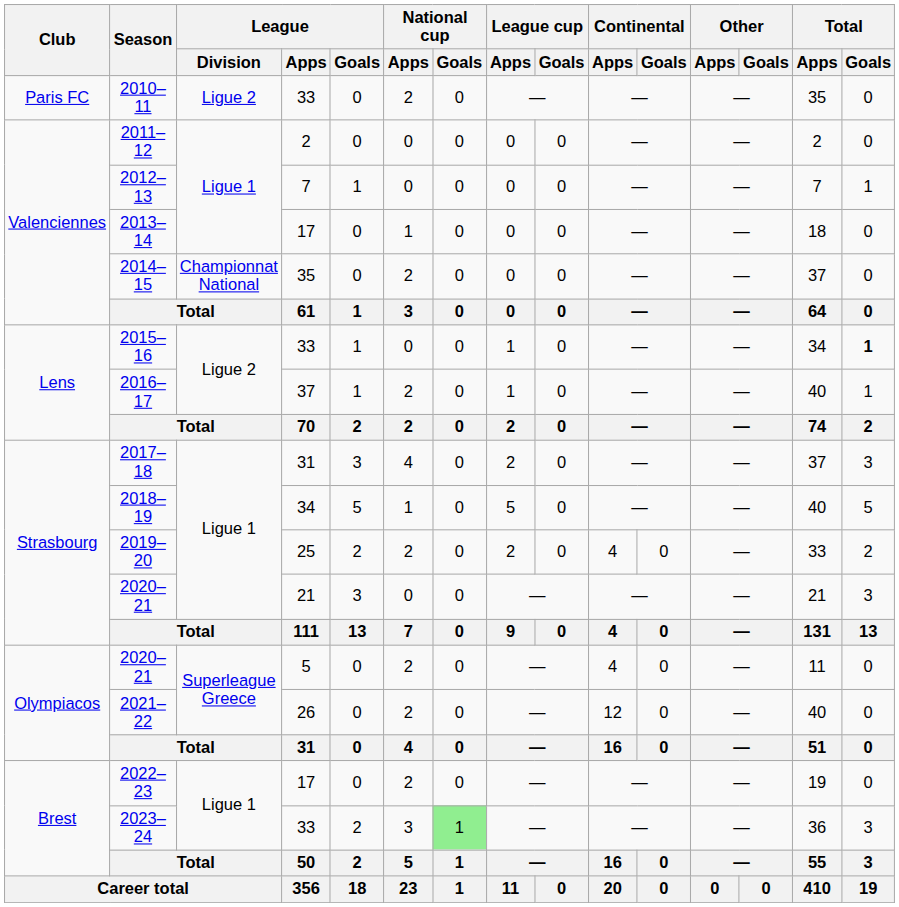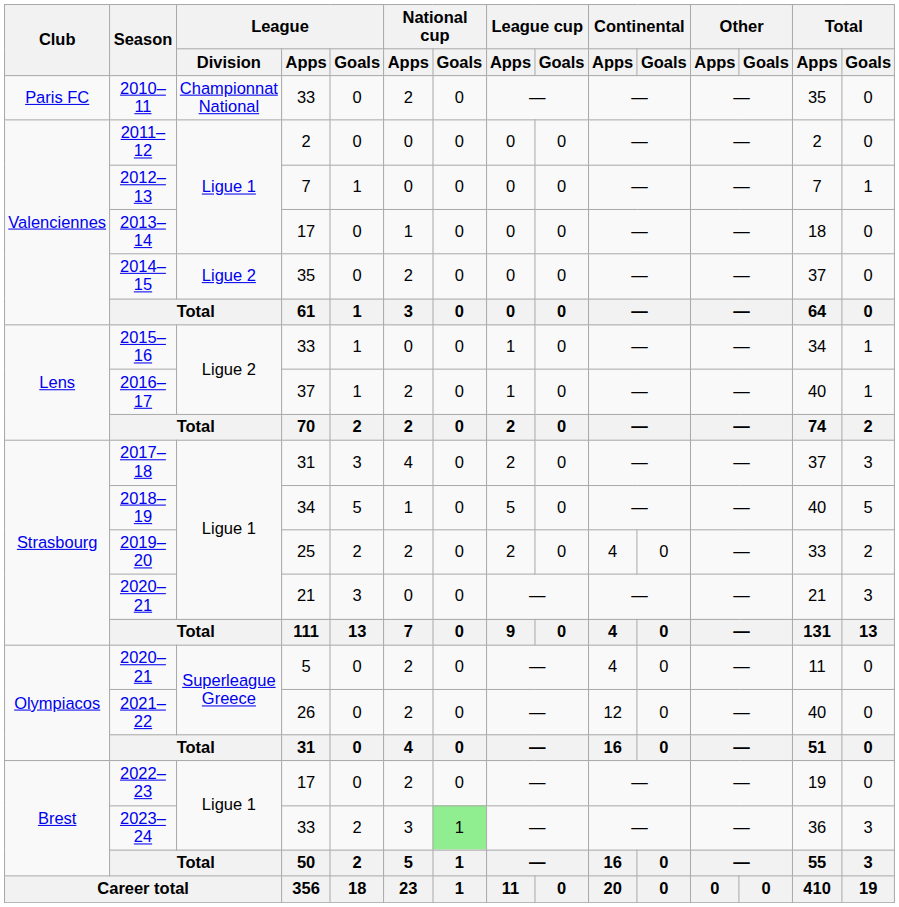 <table class="wikitable" style="text-align:center">
 <tr>
 <th rowspan="2">Club</th>
 <th rowspan="2">Season</th>
 <th colspan="3">League</th>
 <th colspan="2">National cup</th>
 <th colspan="2">League cup</th>
 <th colspan="2">Continental</th>
 <th colspan="2">Other</th>
 <th colspan="2">Total</th>
 </tr>
 <tr>
 <th>Division</th>
 <th>Apps</th>
 <th>Goals</th>
 <th>Apps</th>
 <th>Goals</th>
 <th>Apps</th>
 <th>Goals</th>
 <th>Apps</th>
 <th>Goals</th>
 <th>Apps</th>
 <th>Goals</th>
 <th>Apps</th>
 <th>Goals</th>
 </tr>
 <tr>
 <td><a href='#'>Paris FC</a></td>
 <td><a href='#'>2010–11</a></td>
-<td><a href='#'>Ligue 2</a></td>
+<td><a href='#'>Championnat National</a></td>
 <td>33</td>
 <td>0</td>
 <td>2</td>
 <td>0</td>
 <td colspan="2">—</td>
 <td colspan="2">—</td>
 <td colspan="2">—</td>
 <td>35</td>
 <td>0</td>
 </tr>
 <tr>
 <td rowspan="5"><a href='#'>Valenciennes</a></td>
 <td><a href='#'>2011–12</a></td>
 <td rowspan="3"><a href='#'>Ligue 1</a></td>
 <td>2</td>
 <td>0</td>
 <td>0</td>
 <td>0</td>
 <td>0</td>
 <td>0</td>
 <td colspan="2">—</td>
 <td colspan="2">—</td>
 <td>2</td>
 <td>0</td>
 </tr>
 <tr>
 <td><a href='#'>2012–13</a></td>
 <td>7</td>
 <td>1</td>
 <td>0</td>
 <td>0</td>
 <td>0</td>
 <td>0</td>
 <td colspan="2">—</td>
 <td colspan="2">—</td>
 <td>7</td>
 <td>1</td>
 </tr>
 <tr>
 <td><a href='#'>2013–14</a></td>
 <td>17</td>
 <td>0</td>
 <td>1</td>
 <td>0</td>
 <td>0</td>
 <td>0</td>
 <td colspan="2">—</td>
 <td colspan="2">—</td>
 <td>18</td>
 <td>0</td>
 </tr>
 <tr>
 <td><a href='#'>2014–15</a></td>
-<td><a href='#'>Championnat National</a></td>
+<td><a href='#'>Ligue 2</a></td>
 <td>35</td>
 <td>0</td>
 <td>2</td>
 <td>0</td>
 <td>0</td>
 <td>0</td>
 <td colspan="2">—</td>
 <td colspan="2">—</td>
 <td>37</td>
 <td>0</td>
 </tr>
 <tr>
 <th colspan="2">Total</th>
 <th>61</th>
 <th>1</th>
 <th>3</th>
 <th>0</th>
 <th>0</th>
 <th>0</th>
 <th colspan="2">—</th>
 <th colspan="2">—</th>
 <th>64</th>
 <th>0</th>
 </tr>
 <tr>
 <td rowspan="3"><a href='#'>Lens</a></td>
 <td><a href='#'>2015–16</a></td>
 <td rowspan="2">Ligue 2</td>
 <td>33</td>
 <td>1</td>
 <td>0</td>
 <td>0</td>
 <td>1</td>
 <td>0</td>
 <td colspan="2">—</td>
 <td colspan="2">—</td>
 <td>34</td>
-<td><strong>1</strong></td>
+<td>1</td>
 </tr>
 <tr>
 <td><a href='#'>2016–17</a></td>
 <td>37</td>
 <td>1</td>
 <td>2</td>
 <td>0</td>
 <td>1</td>
 <td>0</td>
 <td colspan="2">—</td>
 <td colspan="2">—</td>
 <td>40</td>
 <td>1</td>
 </tr>
 <tr>
 <th colspan="2">Total</th>
 <th>70</th>
 <th>2</th>
 <th>2</th>
 <th>0</th>
 <th>2</th>
 <th>0</th>
 <th colspan="2">—</th>
 <th colspan="2">—</th>
 <th>74</th>
 <th>2</th>
 </tr>
 <tr>
 <td rowspan="5"><a href='#'>Strasbourg</a></td>
 <td><a href='#'>2017–18</a></td>
 <td rowspan="4">Ligue 1</td>
 <td>31</td>
 <td>3</td>
 <td>4</td>
 <td>0</td>
 <td>2</td>
 <td>0</td>
 <td colspan="2">—</td>
 <td colspan="2">—</td>
 <td>37</td>
 <td>3</td>
 </tr>
 <tr>
 <td><a href='#'>2018–19</a></td>
 <td>34</td>
 <td>5</td>
 <td>1</td>
 <td>0</td>
 <td>5</td>
 <td>0</td>
 <td colspan="2">—</td>
 <td colspan="2">—</td>
 <td>40</td>
 <td>5</td>
 </tr>
 <tr>
 <td><a href='#'>2019–20</a></td>
 <td>25</td>
 <td>2</td>
 <td>2</td>
 <td>0</td>
 <td>2</td>
 <td>0</td>
 <td>4</td>
 <td>0</td>
 <td colspan="2">—</td>
 <td>33</td>
 <td>2</td>
 </tr>
 <tr>
 <td><a href='#'>2020–21</a></td>
 <td>21</td>
 <td>3</td>
 <td>0</td>
 <td>0</td>
 <td colspan="2">—</td>
 <td colspan="2">—</td>
 <td colspan="2">—</td>
 <td>21</td>
 <td>3</td>
 </tr>
 <tr>
 <th colspan="2">Total</th>
 <th>111</th>
 <th>13</th>
 <th>7</th>
 <th>0</th>
 <th>9</th>
 <th>0</th>
 <th>4</th>
 <th>0</th>
 <th colspan="2">—</th>
 <th>131</th>
 <th>13</th>
 </tr>
 <tr>
 <td rowspan="3"><a href='#'>Olympiacos</a></td>
 <td><a href='#'>2020–21</a></td>
 <td rowspan="2"><a href='#'>Superleague Greece</a></td>
 <td>5</td>
 <td>0</td>
 <td>2</td>
 <td>0</td>
 <td colspan="2">—</td>
 <td>4</td>
 <td>0</td>
 <td colspan="2">—</td>
 <td>11</td>
 <td>0</td>
 </tr>
 <tr>
 <td><a href='#'>2021–22</a></td>
 <td>26</td>
 <td>0</td>
 <td>2</td>
 <td>0</td>
 <td colspan="2">—</td>
 <td>12</td>
 <td>0</td>
 <td colspan="2">—</td>
 <td>40</td>
 <td>0</td>
 </tr>
 <tr>
 <th colspan="2">Total</th>
 <th>31</th>
 <th>0</th>
 <th>4</th>
 <th>0</th>
 <th colspan="2">—</th>
 <th>16</th>
 <th>0</th>
 <th colspan="2">—</th>
 <th>51</th>
 <th>0</th>
 </tr>
 <tr>
 <td rowspan="3"><a href='#'>Brest</a></td>
 <td><a href='#'>2022–23</a></td>
 <td rowspan="2">Ligue 1</td>
 <td>17</td>
 <td>0</td>
 <td>2</td>
 <td>0</td>
 <td colspan="2">—</td>
 <td colspan="2">—</td>
 <td colspan="2">—</td>
 <td>19</td>
 <td>0</td>
 </tr>
 <tr>
 <td><a href='#'>2023–24</a></td>
 <td>33</td>
 <td>2</td>
 <td>3</td>
 <td style="background: lightgreen;">1</td>
 <td colspan="2">—</td>
 <td colspan="2">—</td>
 <td colspan="2">—</td>
 <td>36</td>
 <td>3</td>
 </tr>
 <tr>
 <th colspan="2">Total</th>
 <th>50</th>
 <th>2</th>
 <th>5</th>
 <th>1</th>
 <th colspan="2">—</th>
 <th>16</th>
 <th>0</th>
 <th colspan="2">—</th>
 <th>55</th>
 <th>3</th>
 </tr>
 <tr>
 <th colspan="3">Career total</th>
 <th>356</th>
 <th>18</th>
 <th>23</th>
 <th>1</th>
 <th>11</th>
 <th>0</th>
 <th>20</th>
 <th>0</th>
 <th>0</th>
 <th>0</th>
 <th>410</th>
 <th>19</th>
 </tr>
 </table>
